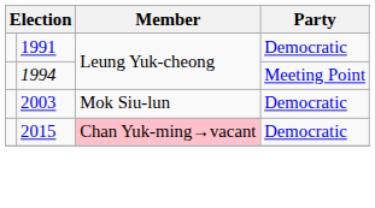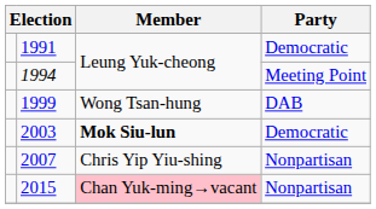 <table class="wikitable">
 <tr>
 <th colspan="2">Election</th>
 <th>Member</th>
 <th>Party</th>
 </tr>
 <tr>
 <td style="color:inherit;background:"></td>
 <td><a href='#'>1991</a></td>
 <td rowspan=2>Leung Yuk-cheong</td>
 <td><a href='#'>Democratic</a></td>
 </tr>
 <tr>
 <td style="color:inherit;background:"></td>
 <td><em>1994</em></td>
 <td><a href='#'>Meeting Point</a></td>
 </tr>
 <tr>
 <td style="color:inherit;background:"></td>
+<td><a href='#'>1999</a></td>
+<td>Wong Tsan-hung</td>
+<td><a href='#'>DAB</a></td>
+</tr>
+<tr>
+<td style="color:inherit;background:"></td>
 <td><a href='#'>2003</a></td>
-<td>Mok Siu-lun</td>
+<td><strong>Mok Siu-lun</strong></td>
 <td><a href='#'>Democratic</a></td>
+</tr>
+<tr>
+<td style="color:inherit;background:"></td>
+<td><a href='#'>2007</a></td>
+<td>Chris Yip Yiu-shing</td>
+<td><a href='#'>Nonpartisan</a></td>
 </tr>
 <tr>
 <td style="color:inherit;background:"></td>
 <td><a href='#'>2015</a></td>
 <td style="background: pink;">Chan Yuk-ming→vacant</td>
-<td><a href='#'>Democratic</a></td>
+<td><a href='#'>Nonpartisan</a></td>
 </tr>
 <tr>
 </tr>
 </table>
